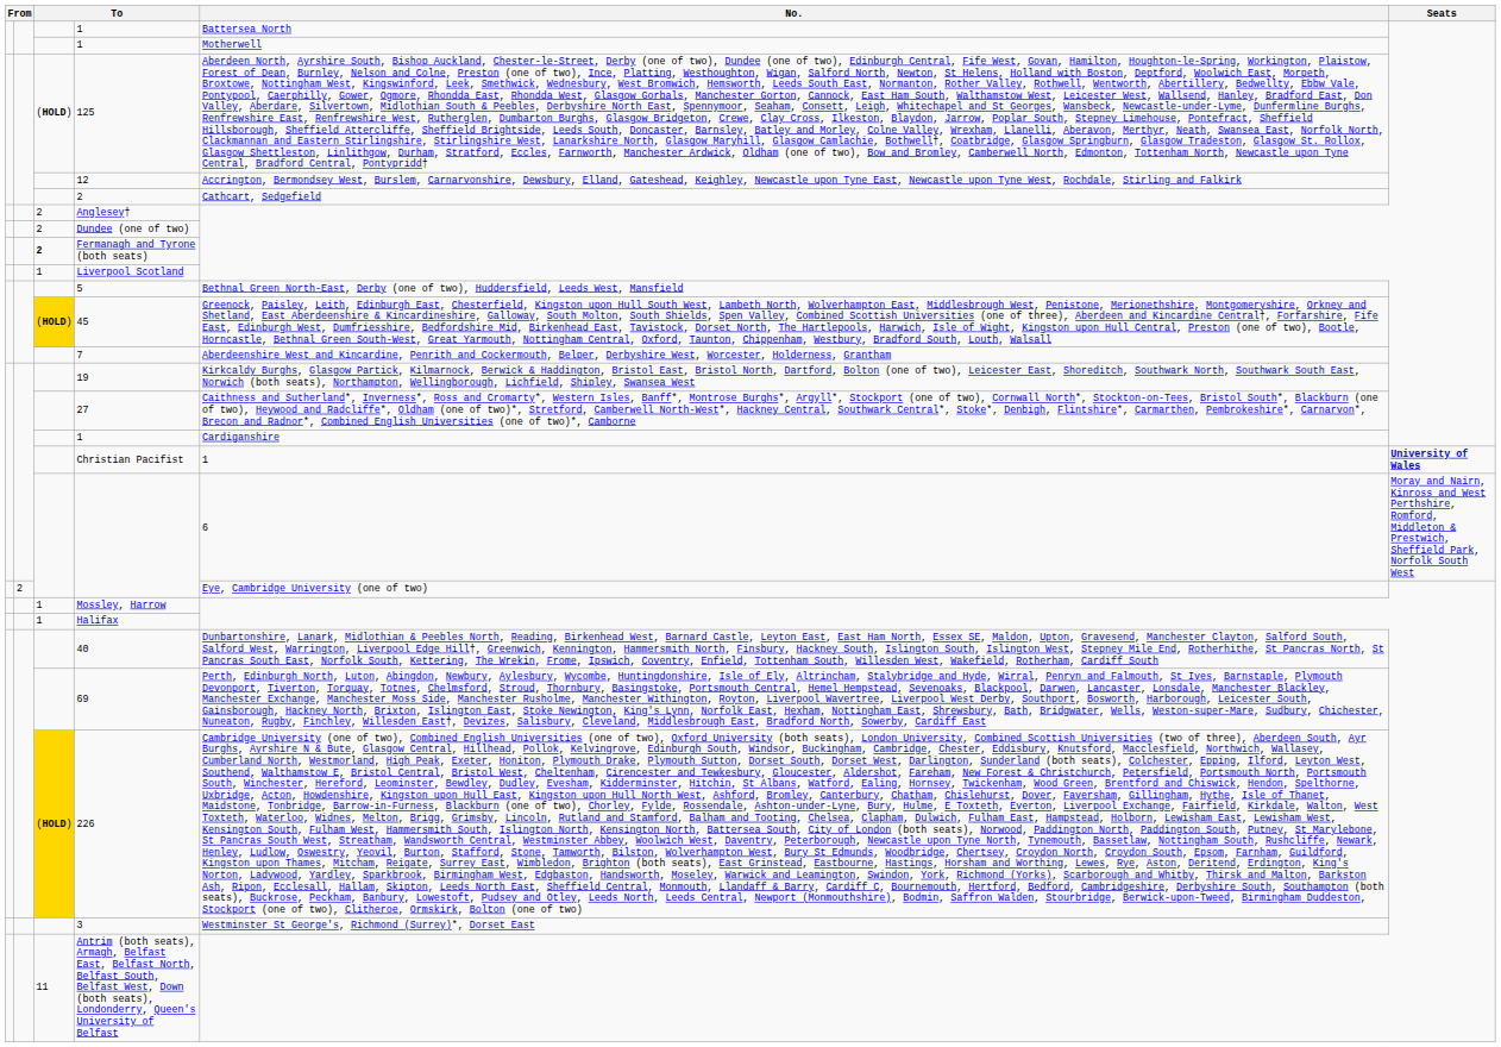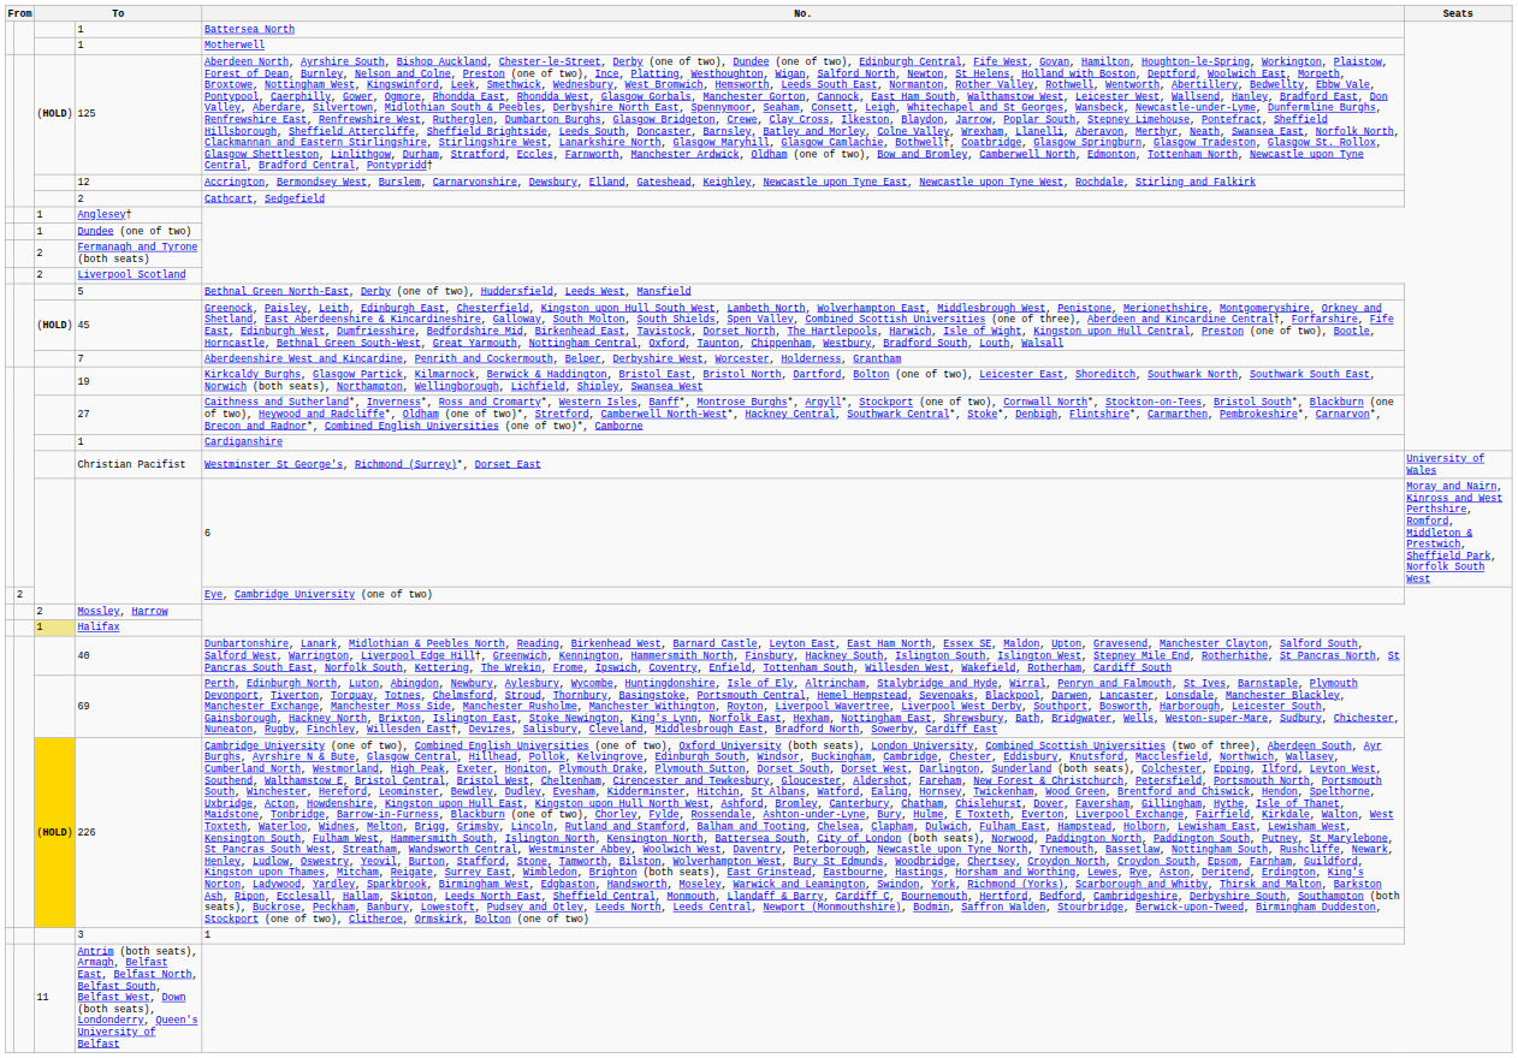 <table class="wikitable sortable" style="margin:1em">
 <tr>
 <th colspan=2>From</th>
 <th colspan=2>To</th>
 <th>No.</th>
 <th class=unsortable>Seats</th>
 </tr>
 <tr>
 <td rowspan=2 style="color:inherit;background:"></td>
 <td rowspan="2"></td>
 <td></td>
 <td>1</td>
 <td><a href='#'>Battersea North</a></td>
 </tr>
 <tr>
 <td></td>
 <td>1</td>
 <td><a href='#'>Motherwell</a></td>
 </tr>
 <tr>
 <td rowspan="3" style="color:inherit;background:"></td>
 <td rowspan="3"></td>
 <td> (<strong>HOLD</strong>)</td>
 <td>125</td>
 <td><a href='#'>Aberdeen North</a>, <a href='#'>Ayrshire South</a>, <a href='#'>Bishop Auckland</a>, <a href='#'>Chester-le-Street</a>, <a href='#'>Derby</a> (one of two), <a href='#'>Dundee</a> (one of two), <a href='#'>Edinburgh Central</a>, <a href='#'>Fife West</a>, <a href='#'>Govan</a>, <a href='#'>Hamilton</a>, <a href='#'>Houghton-le-Spring</a>, <a href='#'>Workington</a>, <a href='#'>Plaistow</a>, <a href='#'>Forest of Dean</a>, <a href='#'>Burnley</a>, <a href='#'>Nelson and Colne</a>, <a href='#'>Preston</a> (one of two), <a href='#'>Ince</a>, <a href='#'>Platting</a>, <a href='#'>Westhoughton</a>, <a href='#'>Wigan</a>, <a href='#'>Salford North</a>, <a href='#'>Newton</a>, <a href='#'>St Helens</a>, <a href='#'>Holland with Boston</a>, <a href='#'>Deptford</a>, <a href='#'>Woolwich East</a>, <a href='#'>Morpeth</a>, <a href='#'>Broxtowe</a>, <a href='#'>Nottingham West</a>, <a href='#'>Kingswinford</a>, <a href='#'>Leek</a>, <a href='#'>Smethwick</a>, <a href='#'>Wednesbury</a>, <a href='#'>West Bromwich</a>, <a href='#'>Hemsworth</a>, <a href='#'>Leeds South East</a>, <a href='#'>Normanton</a>, <a href='#'>Rother Valley</a>, <a href='#'>Rothwell</a>, <a href='#'>Wentworth</a>, <a href='#'>Abertillery</a>, <a href='#'>Bedwellty</a>, <a href='#'>Ebbw Vale</a>, <a href='#'>Pontypool</a>, <a href='#'>Caerphilly</a>, <a href='#'>Gower</a>, <a href='#'>Ogmore</a>, <a href='#'>Rhondda East</a>, <a href='#'>Rhondda West</a>, <a href='#'>Glasgow Gorbals</a>, <a href='#'>Manchester Gorton</a>, <a href='#'>Cannock</a>, <a href='#'>East Ham South</a>, <a href='#'>Walthamstow West</a>, <a href='#'>Leicester West</a>, <a href='#'>Wallsend</a>, <a href='#'>Hanley</a>, <a href='#'>Bradford East</a>, <a href='#'>Don Valley</a>, <a href='#'>Aberdare</a>, <a href='#'>Silvertown</a>, <a href='#'>Midlothian South & Peebles</a>, <a href='#'>Derbyshire North East</a>, <a href='#'>Spennymoor</a>, <a href='#'>Seaham</a>, <a href='#'>Consett</a>, <a href='#'>Leigh</a>, <a href='#'>Whitechapel and St Georges</a>, <a href='#'>Wansbeck</a>, <a href='#'>Newcastle-under-Lyme</a>, <a href='#'>Dunfermline Burghs</a>, <a href='#'>Renfrewshire East</a>, <a href='#'>Renfrewshire West</a>, <a href='#'>Rutherglen</a>, <a href='#'>Dumbarton Burghs</a>, <a href='#'>Glasgow Bridgeton</a>, <a href='#'>Crewe</a>, <a href='#'>Clay Cross</a>, <a href='#'>Ilkeston</a>, <a href='#'>Blaydon</a>, <a href='#'>Jarrow</a>, <a href='#'>Poplar South</a>, <a href='#'>Stepney Limehouse</a>, <a href='#'>Pontefract</a>, <a href='#'>Sheffield Hillsborough</a>, <a href='#'>Sheffield Attercliffe</a>, <a href='#'>Sheffield Brightside</a>, <a href='#'>Leeds South</a>, <a href='#'>Doncaster</a>, <a href='#'>Barnsley</a>, <a href='#'>Batley and Morley</a>, <a href='#'>Colne Valley</a>, <a href='#'>Wrexham</a>, <a href='#'>Llanelli</a>, <a href='#'>Aberavon</a>, <a href='#'>Merthyr</a>, <a href='#'>Neath</a>, <a href='#'>Swansea East</a>, <a href='#'>Norfolk North</a>, <a href='#'>Clackmannan and Eastern Stirlingshire</a>, <a href='#'>Stirlingshire West</a>, <a href='#'>Lanarkshire North</a>, <a href='#'>Glasgow Maryhill</a>, <a href='#'>Glasgow Camlachie</a>, <a href='#'>Bothwell</a>†, <a href='#'>Coatbridge</a>, <a href='#'>Glasgow Springburn</a>, <a href='#'>Glasgow Tradeston</a>, <a href='#'>Glasgow St. Rollox</a>, <a href='#'>Glasgow Shettleston</a>, <a href='#'>Linlithgow</a>, <a href='#'>Durham</a>, <a href='#'>Stratford</a>, <a href='#'>Eccles</a>, <a href='#'>Farnworth</a>, <a href='#'>Manchester Ardwick</a>, <a href='#'>Oldham</a> (one of two), <a href='#'>Bow and Bromley</a>, <a href='#'>Camberwell North</a>, <a href='#'>Edmonton</a>, <a href='#'>Tottenham North</a>, <a href='#'>Newcastle upon Tyne Central</a>, <a href='#'>Bradford Central</a>, <a href='#'>Pontypridd</a>†</td>
 </tr>
 <tr>
 <td></td>
 <td>12</td>
 <td><a href='#'>Accrington</a>, <a href='#'>Bermondsey West</a>, <a href='#'>Burslem</a>, <a href='#'>Carnarvonshire</a>, <a href='#'>Dewsbury</a>, <a href='#'>Elland</a>, <a href='#'>Gateshead</a>, <a href='#'>Keighley</a>, <a href='#'>Newcastle upon Tyne East</a>, <a href='#'>Newcastle upon Tyne West</a>, <a href='#'>Rochdale</a>, <a href='#'>Stirling and Falkirk</a></td>
 </tr>
 <tr>
 <td></td>
 <td>2</td>
 <td><a href='#'>Cathcart</a>, <a href='#'>Sedgefield</a></td>
 </tr>
 <tr>
 <td></td>
 <td></td>
-<td>2</td>
+<td>1</td>
 <td><a href='#'>Anglesey</a>†</td>
 </tr>
 <tr>
 <td></td>
 <td></td>
-<td>2</td>
+<td>1</td>
 <td><a href='#'>Dundee</a> (one of two)</td>
 </tr>
 <tr>
 <td></td>
 <td></td>
-<td><strong>2</strong></td>
+<td>2</td>
 <td><a href='#'>Fermanagh and Tyrone</a> (both seats)</td>
 </tr>
 <tr>
 <td></td>
 <td></td>
-<td>1</td>
+<td>2</td>
 <td><a href='#'>Liverpool Scotland</a></td>
 </tr>
 <tr>
 <td rowspan="3" style="color:inherit;background:"></td>
 <td rowspan="3"></td>
 <td></td>
 <td>5</td>
 <td><a href='#'>Bethnal Green North-East</a>, <a href='#'>Derby</a> (one of two), <a href='#'>Huddersfield</a>, <a href='#'>Leeds West</a>, <a href='#'>Mansfield</a></td>
 </tr>
 <tr>
-<td style="background: gold;"> (<strong>HOLD</strong>)</td>
+<td> (<strong>HOLD</strong>)</td>
 <td>45</td>
 <td><a href='#'>Greenock</a>, <a href='#'>Paisley</a>, <a href='#'>Leith</a>, <a href='#'>Edinburgh East</a>, <a href='#'>Chesterfield</a>, <a href='#'>Kingston upon Hull South West</a>, <a href='#'>Lambeth North</a>, <a href='#'>Wolverhampton East</a>, <a href='#'>Middlesbrough West</a>, <a href='#'>Penistone</a>, <a href='#'>Merionethshire</a>, <a href='#'>Montgomeryshire</a>, <a href='#'>Orkney and Shetland</a>, <a href='#'>East Aberdeenshire & Kincardineshire</a>, <a href='#'>Galloway</a>, <a href='#'>South Molton</a>, <a href='#'>South Shields</a>, <a href='#'>Spen Valley</a>, <a href='#'>Combined Scottish Universities</a> (one of three), <a href='#'>Aberdeen and Kincardine Central</a>†, <a href='#'>Forfarshire</a>, <a href='#'>Fife East</a>, <a href='#'>Edinburgh West</a>, <a href='#'>Dumfriesshire</a>, <a href='#'>Bedfordshire Mid</a>, <a href='#'>Birkenhead East</a>, <a href='#'>Tavistock</a>, <a href='#'>Dorset North</a>, <a href='#'>The Hartlepools</a>, <a href='#'>Harwich</a>, <a href='#'>Isle of Wight</a>, <a href='#'>Kingston upon Hull Central</a>, <a href='#'>Preston</a> (one of two), <a href='#'>Bootle</a>, <a href='#'>Horncastle</a>, <a href='#'>Bethnal Green South-West</a>, <a href='#'>Great Yarmouth</a>, <a href='#'>Nottingham Central</a>, <a href='#'>Oxford</a>, <a href='#'>Taunton</a>, <a href='#'>Chippenham</a>, <a href='#'>Westbury</a>, <a href='#'>Bradford South</a>, <a href='#'>Louth</a>, <a href='#'>Walsall</a></td>
 </tr>
 <tr>
 <td></td>
 <td>7</td>
 <td><a href='#'>Aberdeenshire West and Kincardine</a>, <a href='#'>Penrith and Cockermouth</a>, <a href='#'>Belper</a>, <a href='#'>Derbyshire West</a>, <a href='#'>Worcester</a>, <a href='#'>Holderness</a>, <a href='#'>Grantham</a></td>
 </tr>
 <tr>
 <td rowspan="5" style="color:inherit;background:"></td>
 <td rowspan="5"></td>
 <td></td>
 <td>19</td>
 <td><a href='#'>Kirkcaldy Burghs</a>, <a href='#'>Glasgow Partick</a>, <a href='#'>Kilmarnock</a>, <a href='#'>Berwick & Haddington</a>, <a href='#'>Bristol East</a>, <a href='#'>Bristol North</a>, <a href='#'>Dartford</a>, <a href='#'>Bolton</a> (one of two), <a href='#'>Leicester East</a>, <a href='#'>Shoreditch</a>, <a href='#'>Southwark North</a>, <a href='#'>Southwark South East</a>, <a href='#'>Norwich</a> (both seats), <a href='#'>Northampton</a>, <a href='#'>Wellingborough</a>, <a href='#'>Lichfield</a>, <a href='#'>Shipley</a>, <a href='#'>Swansea West</a></td>
 </tr>
 <tr>
 <td></td>
 <td>27</td>
 <td><a href='#'>Caithness and Sutherland</a>*, <a href='#'>Inverness</a>*, <a href='#'>Ross and Cromarty</a>*, <a href='#'>Western Isles</a>, <a href='#'>Banff</a>*, <a href='#'>Montrose Burghs</a>*, <a href='#'>Argyll</a>*, <a href='#'>Stockport</a> (one of two), <a href='#'>Cornwall North</a>*, <a href='#'>Stockton-on-Tees</a>, <a href='#'>Bristol South</a>*, <a href='#'>Blackburn</a> (one of two), <a href='#'>Heywood and Radcliffe</a>*, <a href='#'>Oldham</a> (one of two)*, <a href='#'>Stretford</a>, <a href='#'>Camberwell North-West</a>*, <a href='#'>Hackney Central</a>, <a href='#'>Southwark Central</a>*, <a href='#'>Stoke</a>*, <a href='#'>Denbigh</a>, <a href='#'>Flintshire</a>*, <a href='#'>Carmarthen</a>, <a href='#'>Pembrokeshire</a>*, <a href='#'>Carnarvon</a>*, <a href='#'>Brecon and Radnor</a>*, <a href='#'>Combined English Universities</a> (one of two)*, <a href='#'>Camborne</a></td>
 </tr>
 <tr>
 <td></td>
 <td>1</td>
 <td><a href='#'>Cardiganshire</a></td>
 </tr>
 <tr>
 <td></td>
 <td>Christian Pacifist</td>
-<td>1</td>
-<td><strong><a href='#'>University of Wales</a></strong></td>
+<td><a href='#'>Westminster St George's</a>, <a href='#'>Richmond (Surrey)</a>*, <a href='#'>Dorset East</a></td>
+<td><a href='#'>University of Wales</a></td>
 </tr>
 <tr>
 <td rowspan="2" style="color:inherit;background:"></td>
 <td rowspan="2"></td>
 <td>6</td>
 <td><a href='#'>Moray and Nairn</a>, <a href='#'>Kinross and West Perthshire</a>, <a href='#'>Romford</a>, <a href='#'>Middleton & Prestwich</a>, <a href='#'>Sheffield Park</a>, <a href='#'>Norfolk South West</a></td>
 </tr>
 <tr>
 <td></td>
 <td>2</td>
 <td><a href='#'>Eye</a>, <a href='#'>Cambridge University</a> (one of two)</td>
 </tr>
 <tr>
 <td></td>
 <td></td>
-<td>1</td>
+<td>2</td>
 <td><a href='#'>Mossley</a>, <a href='#'>Harrow</a></td>
 </tr>
 <tr>
 <td></td>
 <td></td>
-<td>1</td>
+<td style="background: khaki;">1</td>
 <td><a href='#'>Halifax</a></td>
 </tr>
 <tr>
 <td rowspan="3" style="color:inherit;background:"></td>
 <td rowspan="3"></td>
 <td></td>
 <td>40</td>
 <td><a href='#'>Dunbartonshire</a>, <a href='#'>Lanark</a>, <a href='#'>Midlothian & Peebles North</a>, <a href='#'>Reading</a>, <a href='#'>Birkenhead West</a>, <a href='#'>Barnard Castle</a>, <a href='#'>Leyton East</a>, <a href='#'>East Ham North</a>, <a href='#'>Essex SE</a>, <a href='#'>Maldon</a>, <a href='#'>Upton</a>, <a href='#'>Gravesend</a>, <a href='#'>Manchester Clayton</a>, <a href='#'>Salford South</a>, <a href='#'>Salford West</a>, <a href='#'>Warrington</a>, <a href='#'>Liverpool Edge Hill</a>†, <a href='#'>Greenwich</a>, <a href='#'>Kennington</a>, <a href='#'>Hammersmith North</a>, <a href='#'>Finsbury</a>, <a href='#'>Hackney South</a>, <a href='#'>Islington South</a>, <a href='#'>Islington West</a>, <a href='#'>Stepney Mile End</a>, <a href='#'>Rotherhithe</a>, <a href='#'>St Pancras North</a>, <a href='#'>St Pancras South East</a>, <a href='#'>Norfolk South</a>, <a href='#'>Kettering</a>, <a href='#'>The Wrekin</a>, <a href='#'>Frome</a>, <a href='#'>Ipswich</a>, <a href='#'>Coventry</a>, <a href='#'>Enfield</a>, <a href='#'>Tottenham South</a>, <a href='#'>Willesden West</a>, <a href='#'>Wakefield</a>, <a href='#'>Rotherham</a>, <a href='#'>Cardiff South</a></td>
 </tr>
 <tr>
 <td></td>
 <td>69</td>
 <td><a href='#'>Perth</a>, <a href='#'>Edinburgh North</a>, <a href='#'>Luton</a>, <a href='#'>Abingdon</a>, <a href='#'>Newbury</a>, <a href='#'>Aylesbury</a>, <a href='#'>Wycombe</a>, <a href='#'>Huntingdonshire</a>, <a href='#'>Isle of Ely</a>, <a href='#'>Altrincham</a>, <a href='#'>Stalybridge and Hyde</a>, <a href='#'>Wirral</a>, <a href='#'>Penryn and Falmouth</a>, <a href='#'>St Ives</a>, <a href='#'>Barnstaple</a>, <a href='#'>Plymouth Devonport</a>, <a href='#'>Tiverton</a>, <a href='#'>Torquay</a>, <a href='#'>Totnes</a>, <a href='#'>Chelmsford</a>, <a href='#'>Stroud</a>, <a href='#'>Thornbury</a>, <a href='#'>Basingstoke</a>, <a href='#'>Portsmouth Central</a>, <a href='#'>Hemel Hempstead</a>, <a href='#'>Sevenoaks</a>, <a href='#'>Blackpool</a>, <a href='#'>Darwen</a>, <a href='#'>Lancaster</a>, <a href='#'>Lonsdale</a>, <a href='#'>Manchester Blackley</a>, <a href='#'>Manchester Exchange</a>, <a href='#'>Manchester Moss Side</a>, <a href='#'>Manchester Rusholme</a>, <a href='#'>Manchester Withington</a>, <a href='#'>Royton</a>, <a href='#'>Liverpool Wavertree</a>, <a href='#'>Liverpool West Derby</a>, <a href='#'>Southport</a>, <a href='#'>Bosworth</a>, <a href='#'>Harborough</a>, <a href='#'>Leicester South</a>, <a href='#'>Gainsborough</a>, <a href='#'>Hackney North</a>, <a href='#'>Brixton</a>, <a href='#'>Islington East</a>, <a href='#'>Stoke Newington</a>, <a href='#'>King's Lynn</a>, <a href='#'>Norfolk East</a>, <a href='#'>Hexham</a>, <a href='#'>Nottingham East</a>, <a href='#'>Shrewsbury</a>, <a href='#'>Bath</a>, <a href='#'>Bridgwater</a>, <a href='#'>Wells</a>, <a href='#'>Weston-super-Mare</a>, <a href='#'>Sudbury</a>, <a href='#'>Chichester</a>, <a href='#'>Nuneaton</a>, <a href='#'>Rugby</a>, <a href='#'>Finchley</a>, <a href='#'>Willesden East</a>†, <a href='#'>Devizes</a>, <a href='#'>Salisbury</a>, <a href='#'>Cleveland</a>, <a href='#'>Middlesbrough East</a>, <a href='#'>Bradford North</a>, <a href='#'>Sowerby</a>, <a href='#'>Cardiff East</a></td>
 </tr>
 <tr>
 <td style="background: gold;"> (<strong>HOLD</strong>)</td>
 <td>226</td>
 <td><a href='#'>Cambridge University</a> (one of two), <a href='#'>Combined English Universities</a> (one of two), <a href='#'>Oxford University</a> (both seats), <a href='#'>London University</a>, <a href='#'>Combined Scottish Universities</a> (two of three), <a href='#'>Aberdeen South</a>, <a href='#'>Ayr Burghs</a>, <a href='#'>Ayrshire N & Bute</a>, <a href='#'>Glasgow Central</a>, <a href='#'>Hillhead</a>, <a href='#'>Pollok</a>, <a href='#'>Kelvingrove</a>, <a href='#'>Edinburgh South</a>, <a href='#'>Windsor</a>, <a href='#'>Buckingham</a>, <a href='#'>Cambridge</a>, <a href='#'>Chester</a>, <a href='#'>Eddisbury</a>, <a href='#'>Knutsford</a>, <a href='#'>Macclesfield</a>, <a href='#'>Northwich</a>, <a href='#'>Wallasey</a>, <a href='#'>Cumberland North</a>, <a href='#'>Westmorland</a>, <a href='#'>High Peak</a>, <a href='#'>Exeter</a>, <a href='#'>Honiton</a>, <a href='#'>Plymouth Drake</a>, <a href='#'>Plymouth Sutton</a>, <a href='#'>Dorset South</a>, <a href='#'>Dorset West</a>, <a href='#'>Darlington</a>, <a href='#'>Sunderland</a> (both seats), <a href='#'>Colchester</a>, <a href='#'>Epping</a>, <a href='#'>Ilford</a>, <a href='#'>Leyton West</a>, <a href='#'>Southend</a>, <a href='#'>Walthamstow E</a>, <a href='#'>Bristol Central</a>, <a href='#'>Bristol West</a>, <a href='#'>Cheltenham</a>, <a href='#'>Cirencester and Tewkesbury</a>, <a href='#'>Gloucester</a>, <a href='#'>Aldershot</a>, <a href='#'>Fareham</a>, <a href='#'>New Forest & Christchurch</a>, <a href='#'>Petersfield</a>, <a href='#'>Portsmouth North</a>, <a href='#'>Portsmouth South</a>, <a href='#'>Winchester</a>, <a href='#'>Hereford</a>, <a href='#'>Leominster</a>, <a href='#'>Bewdley</a>, <a href='#'>Dudley</a>, <a href='#'>Evesham</a>, <a href='#'>Kidderminster</a>, <a href='#'>Hitchin</a>, <a href='#'>St Albans</a>, <a href='#'>Watford</a>, <a href='#'>Ealing</a>, <a href='#'>Hornsey</a>, <a href='#'>Twickenham</a>, <a href='#'>Wood Green</a>, <a href='#'>Brentford and Chiswick</a>, <a href='#'>Hendon</a>, <a href='#'>Spelthorne</a>, <a href='#'>Uxbridge</a>, <a href='#'>Acton</a>, <a href='#'>Howdenshire</a>, <a href='#'>Kingston upon Hull East</a>, <a href='#'>Kingston upon Hull North West</a>, <a href='#'>Ashford</a>, <a href='#'>Bromley</a>, <a href='#'>Canterbury</a>, <a href='#'>Chatham</a>, <a href='#'>Chislehurst</a>, <a href='#'>Dover</a>, <a href='#'>Faversham</a>, <a href='#'>Gillingham</a>, <a href='#'>Hythe</a>, <a href='#'>Isle of Thanet</a>, <a href='#'>Maidstone</a>, <a href='#'>Tonbridge</a>, <a href='#'>Barrow-in-Furness</a>, <a href='#'>Blackburn</a> (one of two), <a href='#'>Chorley</a>, <a href='#'>Fylde</a>, <a href='#'>Rossendale</a>, <a href='#'>Ashton-under-Lyne</a>, <a href='#'>Bury</a>, <a href='#'>Hulme</a>, <a href='#'>E Toxteth</a>, <a href='#'>Everton</a>, <a href='#'>Liverpool Exchange</a>, <a href='#'>Fairfield</a>, <a href='#'>Kirkdale</a>, <a href='#'>Walton</a>, <a href='#'>West Toxteth</a>, <a href='#'>Waterloo</a>, <a href='#'>Widnes</a>, <a href='#'>Melton</a>, <a href='#'>Brigg</a>, <a href='#'>Grimsby</a>, <a href='#'>Lincoln</a>, <a href='#'>Rutland and Stamford</a>, <a href='#'>Balham and Tooting</a>, <a href='#'>Chelsea</a>, <a href='#'>Clapham</a>, <a href='#'>Dulwich</a>, <a href='#'>Fulham East</a>, <a href='#'>Hampstead</a>, <a href='#'>Holborn</a>, <a href='#'>Lewisham East</a>, <a href='#'>Lewisham West</a>, <a href='#'>Kensington South</a>, <a href='#'>Fulham West</a>, <a href='#'>Hammersmith South</a>, <a href='#'>Islington North</a>, <a href='#'>Kensington North</a>, <a href='#'>Battersea South</a>, <a href='#'>City of London</a> (both seats), <a href='#'>Norwood</a>, <a href='#'>Paddington North</a>, <a href='#'>Paddington South</a>, <a href='#'>Putney</a>, <a href='#'>St Marylebone</a>, <a href='#'>St Pancras South West</a>, <a href='#'>Streatham</a>, <a href='#'>Wandsworth Central</a>, <a href='#'>Westminster Abbey</a>, <a href='#'>Woolwich West</a>, <a href='#'>Daventry</a>, <a href='#'>Peterborough</a>, <a href='#'>Newcastle upon Tyne North</a>, <a href='#'>Tynemouth</a>, <a href='#'>Bassetlaw</a>, <a href='#'>Nottingham South</a>, <a href='#'>Rushcliffe</a>, <a href='#'>Newark</a>, <a href='#'>Henley</a>, <a href='#'>Ludlow</a>, <a href='#'>Oswestry</a>, <a href='#'>Yeovil</a>, <a href='#'>Burton</a>, <a href='#'>Stafford</a>, <a href='#'>Stone</a>, <a href='#'>Tamworth</a>, <a href='#'>Bilston</a>, <a href='#'>Wolverhampton West</a>, <a href='#'>Bury St Edmunds</a>, <a href='#'>Woodbridge</a>, <a href='#'>Chertsey</a>, <a href='#'>Croydon North</a>, <a href='#'>Croydon South</a>, <a href='#'>Epsom</a>, <a href='#'>Farnham</a>, <a href='#'>Guildford</a>, <a href='#'>Kingston upon Thames</a>, <a href='#'>Mitcham</a>, <a href='#'>Reigate</a>, <a href='#'>Surrey East</a>, <a href='#'>Wimbledon</a>, <a href='#'>Brighton</a> (both seats), <a href='#'>East Grinstead</a>, <a href='#'>Eastbourne</a>, <a href='#'>Hastings</a>, <a href='#'>Horsham and Worthing</a>, <a href='#'>Lewes</a>, <a href='#'>Rye</a>, <a href='#'>Aston</a>, <a href='#'>Deritend</a>, <a href='#'>Erdington</a>, <a href='#'>King's Norton</a>, <a href='#'>Ladywood</a>, <a href='#'>Yardley</a>, <a href='#'>Sparkbrook</a>, <a href='#'>Birmingham West</a>, <a href='#'>Edgbaston</a>, <a href='#'>Handsworth</a>, <a href='#'>Moseley</a>, <a href='#'>Warwick and Leamington</a>, <a href='#'>Swindon</a>, <a href='#'>York</a>, <a href='#'>Richmond (Yorks)</a>, <a href='#'>Scarborough and Whitby</a>, <a href='#'>Thirsk and Malton</a>, <a href='#'>Barkston Ash</a>, <a href='#'>Ripon</a>, <a href='#'>Ecclesall</a>, <a href='#'>Hallam</a>, <a href='#'>Skipton</a>, <a href='#'>Leeds North East</a>, <a href='#'>Sheffield Central</a>, <a href='#'>Monmouth</a>, <a href='#'>Llandaff & Barry</a>, <a href='#'>Cardiff C</a>, <a href='#'>Bournemouth</a>, <a href='#'>Hertford</a>, <a href='#'>Bedford</a>, <a href='#'>Cambridgeshire</a>, <a href='#'>Derbyshire South</a>, <a href='#'>Southampton</a> (both seats), <a href='#'>Buckrose</a>, <a href='#'>Peckham</a>, <a href='#'>Banbury</a>, <a href='#'>Lowestoft</a>, <a href='#'>Pudsey and Otley</a>, <a href='#'>Leeds North</a>, <a href='#'>Leeds Central</a>, <a href='#'>Newport (Monmouthshire)</a>, <a href='#'>Bodmin</a>, <a href='#'>Saffron Walden</a>, <a href='#'>Stourbridge</a>, <a href='#'>Berwick-upon-Tweed</a>, <a href='#'>Birmingham Duddeston</a>, <a href='#'>Stockport</a> (one of two), <a href='#'>Clitheroe</a>, <a href='#'>Ormskirk</a>, <a href='#'>Bolton</a> (one of two)</td>
 </tr>
 <tr>
 <td style="color:inherit;background:"></td>
 <td></td>
 <td></td>
 <td>3</td>
-<td><a href='#'>Westminster St George's</a>, <a href='#'>Richmond (Surrey)</a>*, <a href='#'>Dorset East</a></td>
+<td>1</td>
 </tr>
 <tr>
 <td></td>
 <td></td>
 <td>11</td>
 <td><a href='#'>Antrim</a> (both seats), <a href='#'>Armagh</a>, <a href='#'>Belfast East</a>, <a href='#'>Belfast North</a>, <a href='#'>Belfast South</a>, <a href='#'>Belfast West</a>, <a href='#'>Down</a> (both seats), <a href='#'>Londonderry</a>, <a href='#'>Queen's University of Belfast</a></td>
 </tr>
 </table>
